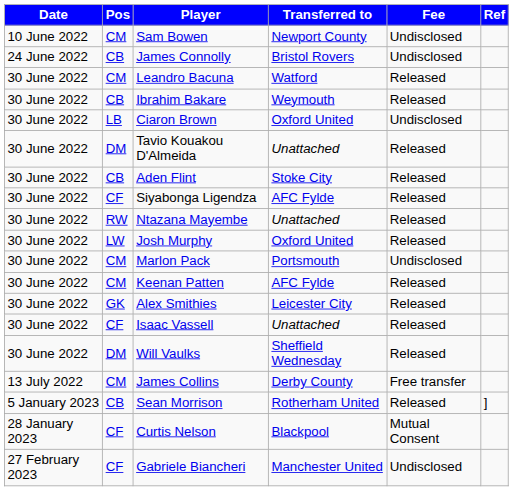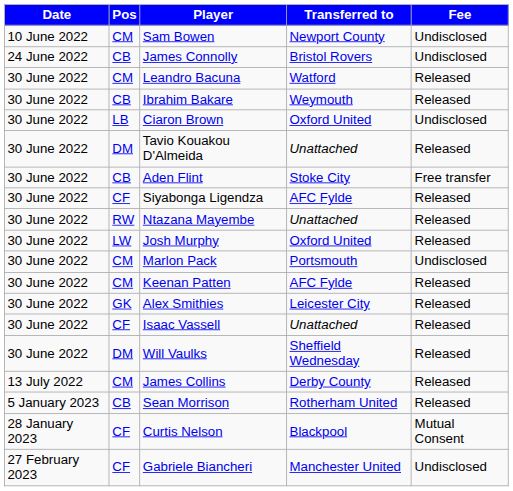 <table class="wikitable plainrowheaders sortable">
 <tr>
 <th style="background:#0000FF; color:#FFFFFF; ">Date</th>
 <th style="background:#0000FF; color:#FFFFFF; ">Pos</th>
 <th style="background:#0000FF; color:#FFFFFF; ">Player</th>
 <th style="background:#0000FF; color:#FFFFFF; ">Transferred to</th>
 <th style="background:#0000FF; color:#FFFFFF; ">Fee</th>
-<th style="background:#0000FF; color:#FFFFFF; ">Ref</th>
 </tr>
 <tr>
 <td>10 June 2022</td>
 <td><a href='#'>CM</a></td>
 <td> <a href='#'>Sam Bowen</a></td>
 <td> <a href='#'>Newport County</a></td>
 <td>Undisclosed</td>
-<td></td>
 </tr>
 <tr>
 <td>24 June 2022</td>
 <td><a href='#'>CB</a></td>
 <td> <a href='#'>James Connolly</a></td>
 <td> <a href='#'>Bristol Rovers</a></td>
 <td>Undisclosed</td>
-<td></td>
 </tr>
 <tr>
 <td>30 June 2022</td>
 <td><a href='#'>CM</a></td>
 <td> <a href='#'>Leandro Bacuna</a></td>
 <td> <a href='#'>Watford</a></td>
 <td>Released</td>
-<td></td>
 </tr>
 <tr>
 <td>30 June 2022</td>
 <td><a href='#'>CB</a></td>
 <td> <a href='#'>Ibrahim Bakare</a></td>
 <td> <a href='#'>Weymouth</a></td>
 <td>Released</td>
-<td></td>
 </tr>
 <tr>
 <td>30 June 2022</td>
 <td><a href='#'>LB</a></td>
 <td> <a href='#'>Ciaron Brown</a></td>
 <td> <a href='#'>Oxford United</a></td>
 <td>Undisclosed</td>
-<td></td>
 </tr>
 <tr>
 <td>30 June 2022</td>
 <td><a href='#'>DM</a></td>
 <td> Tavio Kouakou D'Almeida</td>
 <td> <em>Unattached</em></td>
 <td>Released</td>
-<td></td>
 </tr>
 <tr>
 <td>30 June 2022</td>
 <td><a href='#'>CB</a></td>
 <td> <a href='#'>Aden Flint</a></td>
 <td> <a href='#'>Stoke City</a></td>
-<td>Released</td>
-<td></td>
+<td>Free transfer</td>
 </tr>
 <tr>
 <td>30 June 2022</td>
 <td><a href='#'>CF</a></td>
 <td> Siyabonga Ligendza</td>
 <td> <a href='#'>AFC Fylde</a></td>
 <td>Released</td>
-<td></td>
 </tr>
 <tr>
 <td>30 June 2022</td>
 <td><a href='#'>RW</a></td>
 <td> <a href='#'>Ntazana Mayembe</a></td>
 <td> <em>Unattached</em></td>
 <td>Released</td>
-<td></td>
 </tr>
 <tr>
 <td>30 June 2022</td>
 <td><a href='#'>LW</a></td>
 <td> <a href='#'>Josh Murphy</a></td>
 <td> <a href='#'>Oxford United</a></td>
 <td>Released</td>
-<td></td>
 </tr>
 <tr>
 <td>30 June 2022</td>
 <td><a href='#'>CM</a></td>
 <td> <a href='#'>Marlon Pack</a></td>
 <td> <a href='#'>Portsmouth</a></td>
 <td>Undisclosed</td>
-<td></td>
 </tr>
 <tr>
 <td>30 June 2022</td>
 <td><a href='#'>CM</a></td>
 <td> <a href='#'>Keenan Patten</a></td>
 <td> <a href='#'>AFC Fylde</a></td>
 <td>Released</td>
-<td></td>
 </tr>
 <tr>
 <td>30 June 2022</td>
 <td><a href='#'>GK</a></td>
 <td> <a href='#'>Alex Smithies</a></td>
 <td> <a href='#'>Leicester City</a></td>
 <td>Released</td>
-<td></td>
 </tr>
 <tr>
 <td>30 June 2022</td>
 <td><a href='#'>CF</a></td>
 <td> <a href='#'>Isaac Vassell</a></td>
 <td> <em>Unattached</em></td>
 <td>Released</td>
-<td></td>
 </tr>
 <tr>
 <td>30 June 2022</td>
 <td><a href='#'>DM</a></td>
 <td> <a href='#'>Will Vaulks</a></td>
 <td> <a href='#'>Sheffield Wednesday</a></td>
 <td>Released</td>
-<td></td>
 </tr>
 <tr>
 <td>13 July 2022</td>
 <td><a href='#'>CM</a></td>
 <td> <a href='#'>James Collins</a></td>
 <td> <a href='#'>Derby County</a></td>
-<td>Free transfer</td>
-<td></td>
+<td>Released</td>
 </tr>
 <tr>
 <td>5 January 2023</td>
 <td><a href='#'>CB</a></td>
 <td> <a href='#'>Sean Morrison</a></td>
 <td> <a href='#'>Rotherham United</a></td>
 <td>Released</td>
-<td>]</td>
 </tr>
 <tr>
 <td>28 January 2023</td>
 <td><a href='#'>CF</a></td>
 <td> <a href='#'>Curtis Nelson</a></td>
 <td> <a href='#'>Blackpool</a></td>
 <td>Mutual Consent</td>
-<td></td>
 </tr>
 <tr>
 <td>27 February 2023</td>
 <td><a href='#'>CF</a></td>
 <td> <a href='#'>Gabriele Biancheri</a></td>
 <td> <a href='#'>Manchester United</a></td>
 <td>Undisclosed</td>
-<td></td>
 </tr>
 </table>
